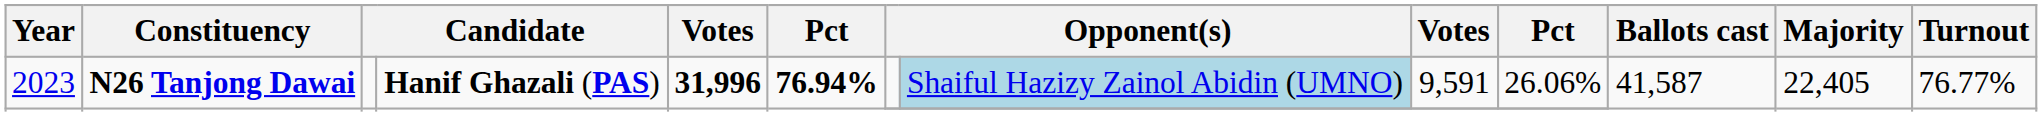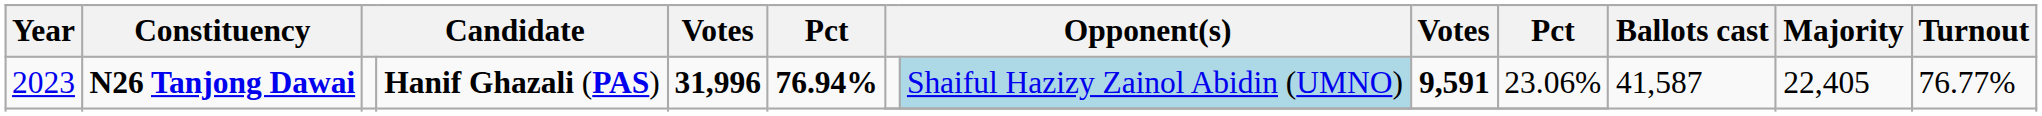 <table class="wikitable" style="margin:0.5em ; font-size:95%">
 <tr>
 <th>Year</th>
 <th>Constituency</th>
 <th colspan=2>Candidate</th>
 <th>Votes</th>
 <th>Pct</th>
 <th colspan=2>Opponent(s)</th>
 <th>Votes</th>
 <th>Pct</th>
 <th>Ballots cast</th>
 <th>Majority</th>
 <th>Turnout</th>
 </tr>
 <tr>
 <td rowspan="3"><a href='#'>2023</a></td>
 <td rowspan="3"><strong>N26 <a href='#'>Tanjong Dawai</a></strong></td>
 <td rowspan="3" bgcolor=></td>
 <td rowspan="3"><strong>Hanif Ghazali</strong> (<a href='#'><strong>PAS</strong></a>)</td>
 <td rowspan=3 align=right><strong>31,996</strong></td>
 <td rowspan=3><strong>76.94%</strong></td>
 <td></td>
 <td style="background: lightblue;"><a href='#'>Shaiful Hazizy Zainol Abidin</a> (<a href='#'>UMNO</a>)</td>
-<td align=right>9,591</td>
-<td>26.06%</td>
+<td align=right><strong>9,591</strong></td>
+<td>23.06%</td>
 <td rowspan=3>41,587</td>
 <td rowspan=3>22,405</td>
 <td rowspan=3>76.77%</td>
 </tr>
 <tr>
 </tr>
 </table>
